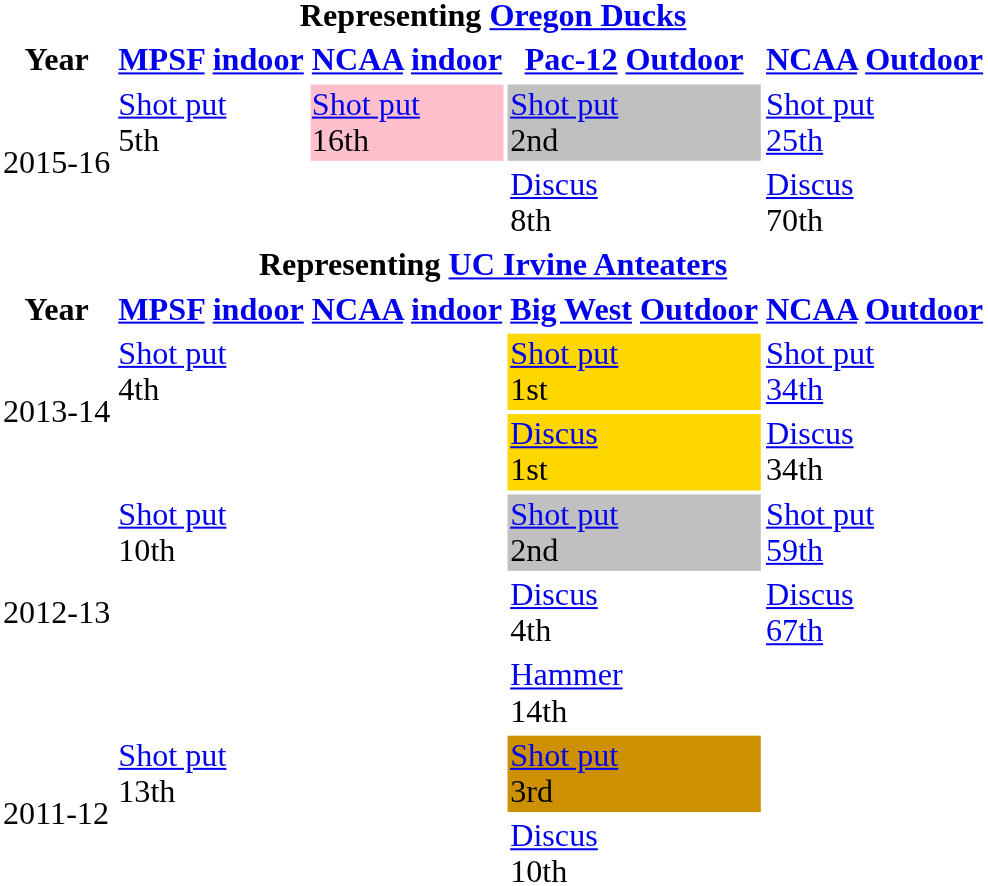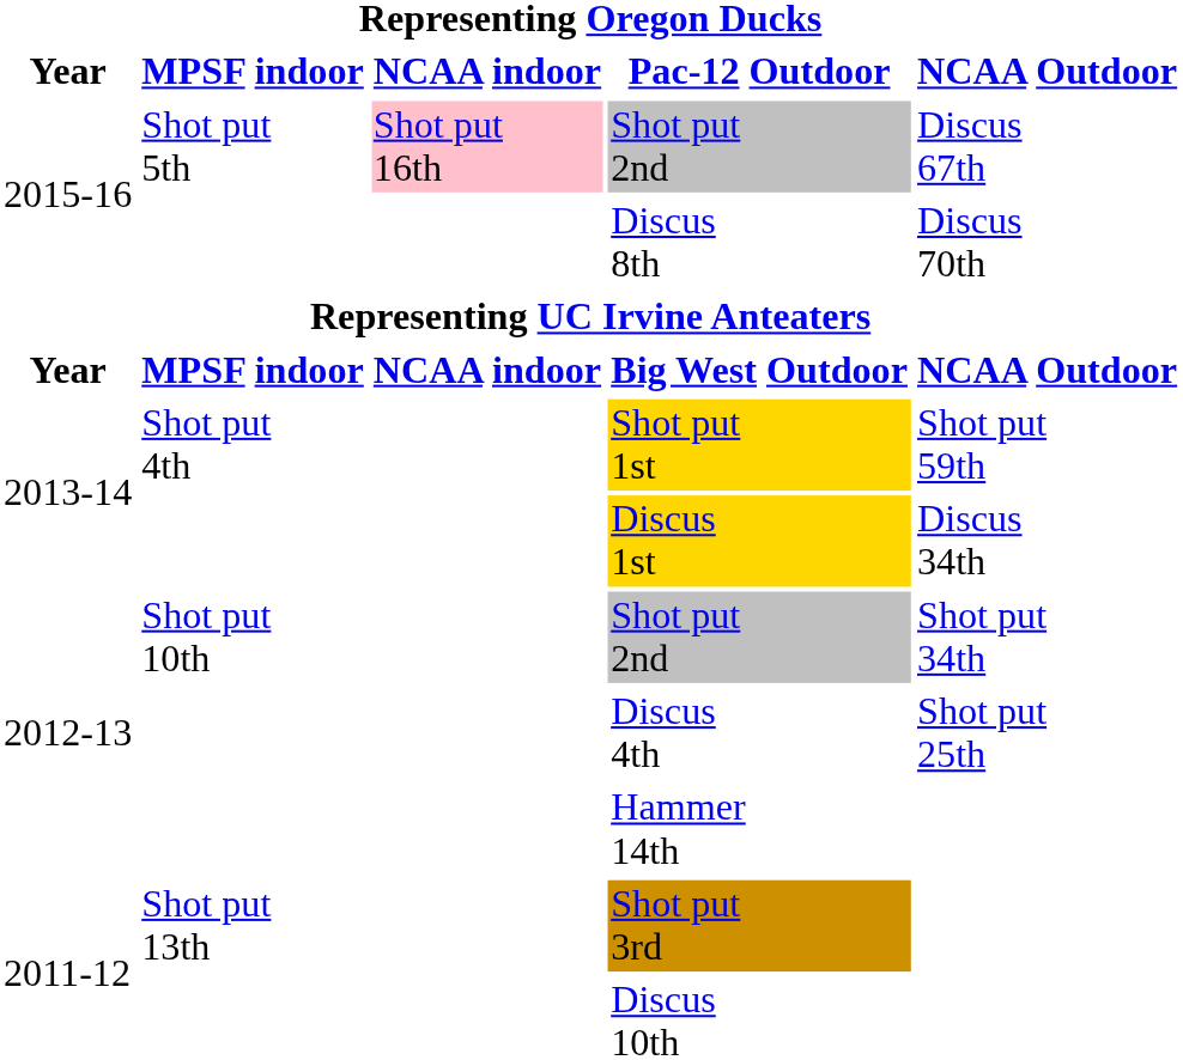 <table>
 <tr>
 <th colspan="6">Representing <a href='#'>Oregon Ducks</a></th>
 </tr>
 <tr>
 <th>Year</th>
 <th><a href='#'>MPSF</a> <a href='#'>indoor</a></th>
 <th><a href='#'>NCAA</a> <a href='#'>indoor</a></th>
 <th><a href='#'>Pac-12</a> <a href='#'>Outdoor</a></th>
 <th><a href='#'>NCAA</a> <a href='#'>Outdoor</a></th>
 </tr>
 <tr>
 <td Rowspan=2>2015-16</td>
 <td><a href='#'>Shot put</a><br>  5th</td>
 <td style="background: pink;"><a href='#'>Shot put</a><br>  16th</td>
 <td bgcolor=silver><a href='#'>Shot put</a> <br> 2nd</td>
-<td><a href='#'>Shot put</a><br> <a href='#'> 25th</a></td>
+<td><a href='#'>Discus<br>  67th</a></td>
 </tr>
 <tr>
 <td></td>
 <td></td>
 <td><a href='#'>Discus</a><br>  8th</td>
 <td><a href='#'>Discus</a><br>  70th</td>
 </tr>
 <tr>
 <th colspan="6">Representing <a href='#'>UC Irvine Anteaters</a></th>
 </tr>
 <tr>
 <th>Year</th>
 <th><a href='#'>MPSF</a> <a href='#'>indoor</a></th>
 <th><a href='#'>NCAA</a> <a href='#'>indoor</a></th>
 <th><a href='#'>Big West</a> <a href='#'>Outdoor</a></th>
 <th><a href='#'>NCAA</a> <a href='#'>Outdoor</a></th>
 </tr>
 <tr>
 <td Rowspan=2>2013-14</td>
 <td><a href='#'>Shot put</a><br>  4th</td>
 <td></td>
 <td bgcolor=gold><a href='#'>Shot put</a><br>  1st</td>
-<td><a href='#'>Shot put</a><br> <a href='#'> 34th</a></td>
+<td><a href='#'>Shot put</a><br> <a href='#'> 59th</a></td>
 </tr>
 <tr>
 <td></td>
 <td></td>
 <td bgcolor=gold><a href='#'>Discus</a><br>  1st</td>
 <td><a href='#'>Discus</a><br>  34th</td>
 </tr>
 <tr>
 <td Rowspan=3>2012-13</td>
 <td><a href='#'>Shot put</a><br>  10th</td>
 <td></td>
 <td bgcolor=silver><a href='#'>Shot put</a><br>  2nd</td>
-<td><a href='#'>Shot put</a><br> <a href='#'> 59th</a></td>
+<td><a href='#'>Shot put</a><br> <a href='#'> 34th</a></td>
 </tr>
 <tr>
 <td></td>
 <td></td>
 <td><a href='#'>Discus</a><br>  4th</td>
-<td><a href='#'>Discus<br>  67th</a></td>
+<td><a href='#'>Shot put</a><br> <a href='#'> 25th</a></td>
 </tr>
 <tr>
 <td></td>
 <td></td>
 <td><a href='#'>Hammer</a><br>  14th</td>
 <td></td>
 </tr>
 <tr>
 <td Rowspan=2>2011-12</td>
 <td><a href='#'>Shot put</a><br>  13th</td>
 <td></td>
 <td bgcolor=cc99000><a href='#'>Shot put</a><br>  3rd</td>
 <td></td>
 </tr>
 <tr>
 <td></td>
 <td></td>
 <td><a href='#'>Discus</a><br>  10th</td>
 <td></td>
 </tr>
 </table>
